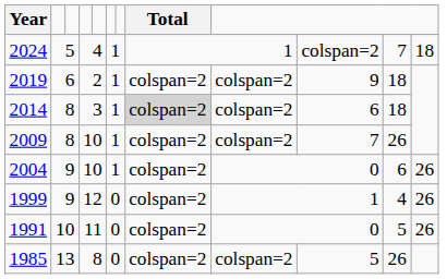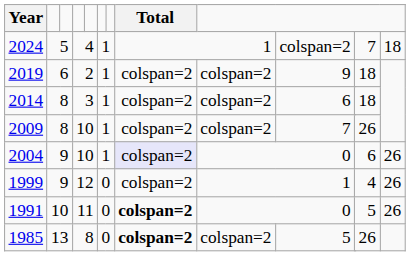 <table class="wikitable" style="text-align:right; padding-left:1em">
 <tr>
 <th align="left">Year</th>
 <td></td>
 <td></td>
 <td></td>
 <td></td>
 <td></td>
 <td></td>
 <th align="left">Total</th>
 </tr>
 <tr>
 <td align=left><a href='#'>2024</a></td>
 <td colspan=2>5</td>
 <td colspan=2>4</td>
 <td colspan=2>1</td>
 <td colspan=2>1</td>
 <td>colspan=2 </td>
 <td colspan=2>7</td>
 <td>18</td>
 </tr>
 <tr>
 <td align=left><a href='#'>2019</a></td>
 <td colspan=2>6</td>
 <td colspan=2>2</td>
 <td colspan=2>1</td>
 <td>colspan=2 </td>
 <td>colspan=2 </td>
 <td colspan=2>9</td>
 <td>18</td>
 </tr>
 <tr>
 <td align=left><a href='#'>2014</a></td>
 <td colspan=2>8</td>
 <td colspan=2>3</td>
 <td colspan=2>1</td>
-<td style="background: lightgrey;">colspan=2 </td>
+<td>colspan=2 </td>
 <td>colspan=2 </td>
 <td colspan=2>6</td>
 <td>18</td>
 </tr>
 <tr>
 <td align=left><a href='#'>2009</a></td>
 <td colspan=2>8</td>
 <td colspan=2>10</td>
 <td colspan=2>1</td>
 <td>colspan=2 </td>
 <td>colspan=2 </td>
 <td colspan=2>7</td>
 <td>26</td>
 </tr>
 <tr>
 <td align=left><a href='#'>2004</a></td>
 <td colspan=2>9</td>
 <td colspan=2>10</td>
 <td colspan=2>1</td>
-<td>colspan=2 </td>
+<td style="background: lavender;">colspan=2 </td>
 <td colspan=2>0</td>
 <td colspan=2>6</td>
 <td>26</td>
 </tr>
 <tr>
 <td align=left><a href='#'>1999</a></td>
 <td colspan=2>9</td>
 <td colspan=2>12</td>
 <td colspan=2>0</td>
 <td>colspan=2 </td>
 <td colspan=2>1</td>
 <td colspan=2>4</td>
 <td>26</td>
 </tr>
 <tr>
 <td align=left><a href='#'>1991</a></td>
 <td colspan=2>10</td>
 <td colspan=2>11</td>
 <td colspan=2>0</td>
-<td>colspan=2 </td>
+<td><strong>colspan=2 </strong></td>
 <td colspan=2>0</td>
 <td colspan=2>5</td>
 <td>26</td>
 </tr>
 <tr>
 <td align=left><a href='#'>1985</a></td>
 <td colspan=2>13</td>
 <td colspan=2>8</td>
 <td colspan=2>0</td>
-<td>colspan=2 </td>
+<td><strong>colspan=2 </strong></td>
 <td>colspan=2 </td>
 <td colspan=2>5</td>
 <td>26</td>
 </tr>
 </table>
